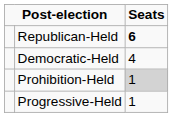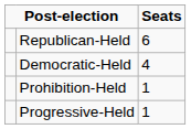 <table class= "wikitable">
 <tr>
 <td colspan= "2" rowspan= "1" align= "center" valign= "top"><strong>Post-election</strong></td>
 <td valign= "top"><strong>Seats</strong><br></td>
 </tr>
 <tr>
 <td style="background-color:"> </td>
 <td>Republican-Held</td>
-<td><strong>6</strong></td>
+<td>6</td>
 </tr>
 <tr>
 <td style="background-color:"> </td>
 <td>Democratic-Held</td>
 <td>4</td>
 </tr>
 <tr>
 <td style="background-color:"> </td>
 <td>Prohibition-Held</td>
-<td style="background: lightgrey;">1</td>
+<td>1</td>
 </tr>
 <tr>
 <td style="background-color:"> </td>
 <td>Progressive-Held</td>
 <td>1</td>
 </tr>
 </table>
